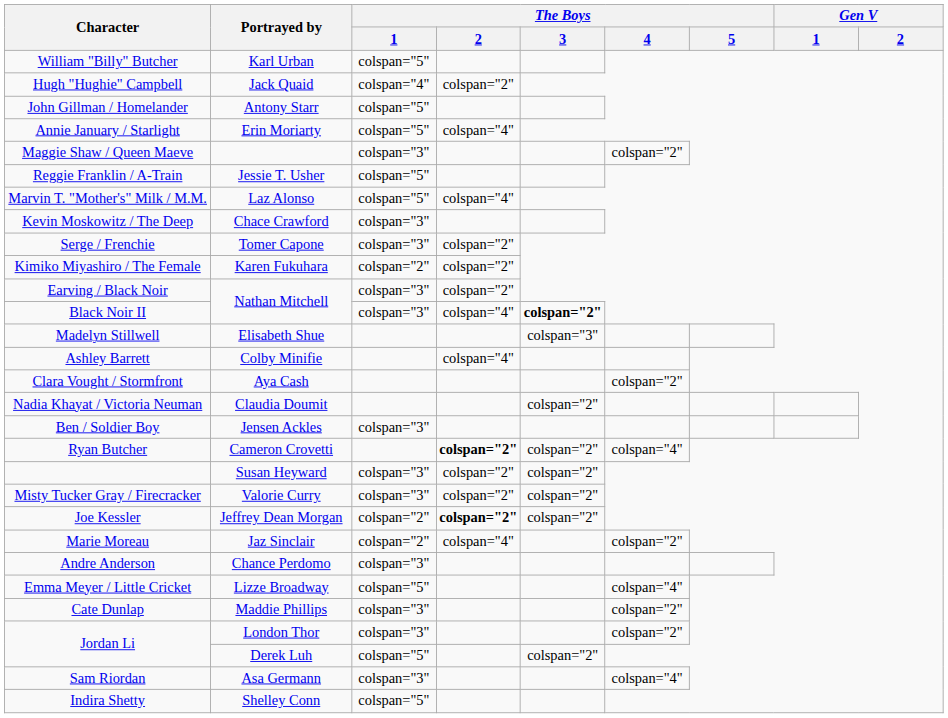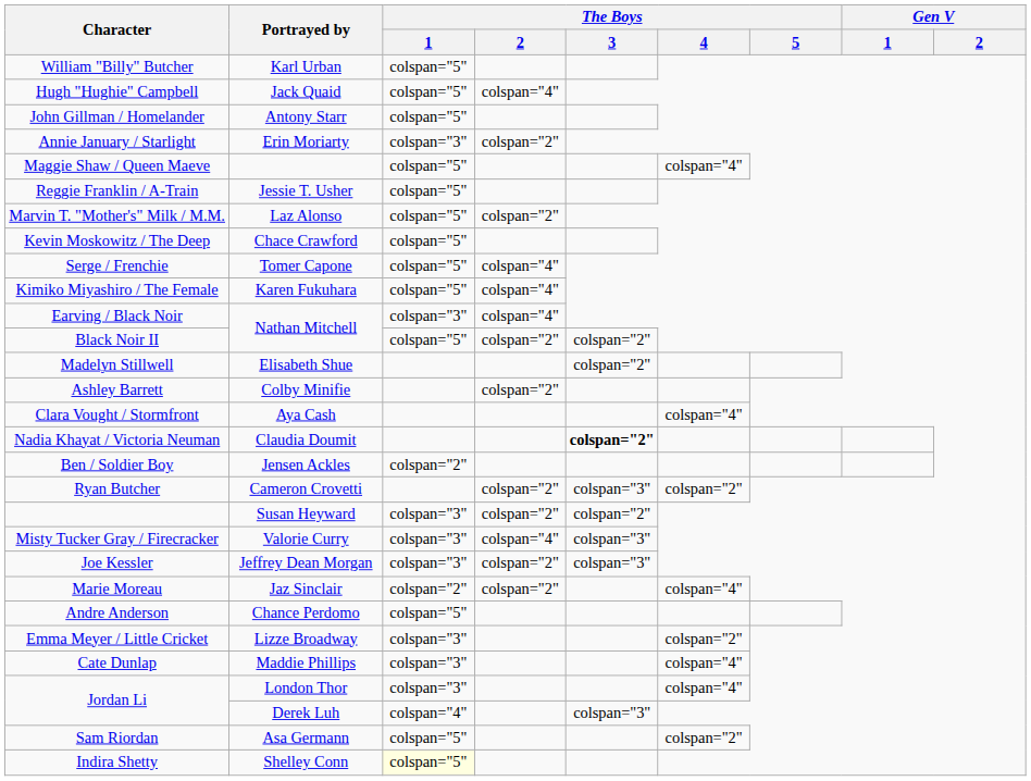 <table class="wikitable plainrowheaders" style="text-align:center;">
 <tr>
 <th scope="col" rowspan="2" style="width:22%;">Character</th>
 <th scope="col" rowspan="2" style="width:15%;">Portrayed by</th>
 <th scope="col" colspan="5"><em><a href='#'>The Boys</a></em></th>
 <th scope="col" colspan="2"><em><a href='#'>Gen V</a></em></th>
 </tr>
 <tr>
 <th style="width:9%;"><a href='#'>1</a></th>
 <th style="width:9%;"><a href='#'>2</a></th>
 <th style="width:9%;"><a href='#'>3</a></th>
 <th style="width:9%;"><a href='#'>4</a></th>
 <th style="width:9%;"><a href='#'>5</a></th>
 <th style="width:9%;"><a href='#'>1</a></th>
 <th style="width:9%;"><a href='#'>2</a></th>
 </tr>
 <tr>
 <td scope="row"><a href='#'>William "Billy" Butcher</a></td>
 <td><a href='#'>Karl Urban</a></td>
 <td>colspan="5" </td>
 <td></td>
 <td></td>
 </tr>
 <tr>
 <td scope="row"><a href='#'>Hugh "Hughie" Campbell</a></td>
 <td><a href='#'>Jack Quaid</a></td>
+<td>colspan="5" </td>
 <td>colspan="4" </td>
-<td>colspan="2" </td>
 </tr>
 <tr>
 <td scope="row"><a href='#'>John Gillman / Homelander</a></td>
 <td><a href='#'>Antony Starr</a></td>
 <td>colspan="5" </td>
 <td></td>
 <td></td>
 </tr>
 <tr>
 <td scope="row"><a href='#'>Annie January / Starlight</a></td>
 <td><a href='#'>Erin Moriarty</a></td>
-<td>colspan="5" </td>
-<td>colspan="4" </td>
+<td>colspan="3" </td>
+<td>colspan="2" </td>
 </tr>
 <tr>
 <td scope="row"><a href='#'>Maggie Shaw / Queen Maeve</a></td>
 <td></td>
-<td>colspan="3" </td>
+<td>colspan="5" </td>
 <td></td>
 <td></td>
-<td>colspan="2" </td>
+<td>colspan="4" </td>
 </tr>
 <tr>
 <td scope="row"><a href='#'>Reggie Franklin / A-Train</a></td>
 <td><a href='#'>Jessie T. Usher</a></td>
 <td>colspan="5" </td>
 <td></td>
 <td></td>
 </tr>
 <tr>
 <td scope="row"><a href='#'>Marvin T. "Mother's" Milk / M.M.</a></td>
 <td><a href='#'>Laz Alonso</a></td>
 <td>colspan="5" </td>
-<td>colspan="4" </td>
+<td>colspan="2" </td>
 </tr>
 <tr>
 <td scope="row"><a href='#'>Kevin Moskowitz / The Deep</a></td>
 <td><a href='#'>Chace Crawford</a></td>
-<td>colspan="3" </td>
+<td>colspan="5" </td>
 <td></td>
 <td></td>
 </tr>
 <tr>
 <td scope="row"><a href='#'>Serge / Frenchie</a></td>
 <td><a href='#'>Tomer Capone</a></td>
-<td>colspan="3" </td>
-<td>colspan="2" </td>
+<td>colspan="5" </td>
+<td>colspan="4" </td>
 </tr>
 <tr>
 <td scope="row"><a href='#'>Kimiko Miyashiro / The Female</a></td>
 <td><a href='#'>Karen Fukuhara</a></td>
-<td>colspan="2" </td>
-<td>colspan="2" </td>
+<td>colspan="5" </td>
+<td>colspan="4" </td>
 </tr>
 <tr>
 <td scope="row"><a href='#'>Earving / Black Noir</a></td>
 <td rowspan="2"><a href='#'>Nathan Mitchell</a></td>
 <td>colspan="3" </td>
-<td>colspan="2" </td>
+<td>colspan="4" </td>
 </tr>
 <tr>
 <td scope="row"><a href='#'>Black Noir II</a></td>
-<td>colspan="3" </td>
-<td>colspan="4" </td>
-<td><strong>colspan="2" </strong></td>
+<td>colspan="5" </td>
+<td>colspan="2" </td>
+<td>colspan="2" </td>
 </tr>
 <tr>
 <td scope="row"><a href='#'>Madelyn Stillwell</a></td>
 <td><a href='#'>Elisabeth Shue</a></td>
 <td></td>
 <td></td>
-<td>colspan="3" </td>
+<td>colspan="2" </td>
 <td></td>
 <td></td>
 </tr>
 <tr>
 <td scope="row"><a href='#'>Ashley Barrett</a></td>
 <td><a href='#'>Colby Minifie</a></td>
 <td></td>
-<td>colspan="4" </td>
+<td>colspan="2" </td>
 <td></td>
 <td></td>
 </tr>
 <tr>
 <td scope="row"><a href='#'>Clara Vought / Stormfront</a></td>
 <td><a href='#'>Aya Cash</a></td>
 <td></td>
 <td></td>
 <td></td>
-<td>colspan="2" </td>
+<td>colspan="4" </td>
 </tr>
 <tr>
 <td scope="row"><a href='#'>Nadia Khayat / Victoria Neuman</a></td>
 <td><a href='#'>Claudia Doumit</a></td>
 <td></td>
 <td></td>
-<td>colspan="2" </td>
+<td><strong>colspan="2" </strong></td>
 <td></td>
 <td></td>
 <td></td>
 </tr>
 <tr>
 <td scope="row"><a href='#'>Ben / Soldier Boy</a></td>
 <td><a href='#'>Jensen Ackles</a></td>
-<td>colspan="3" </td>
+<td>colspan="2" </td>
 <td></td>
 <td></td>
 <td></td>
 <td></td>
 <td></td>
 </tr>
 <tr>
 <td scope="row"><a href='#'>Ryan Butcher</a></td>
 <td><a href='#'>Cameron Crovetti</a></td>
 <td></td>
-<td><strong>colspan="2" </strong></td>
 <td>colspan="2" </td>
-<td>colspan="4" </td>
+<td>colspan="3" </td>
+<td>colspan="2" </td>
 </tr>
 <tr>
 <td scope="row"><a href='#'></a></td>
 <td><a href='#'>Susan Heyward</a></td>
 <td>colspan="3" </td>
 <td>colspan="2" </td>
 <td>colspan="2" </td>
 </tr>
 <tr>
 <td scope="row"><a href='#'>Misty Tucker Gray / Firecracker</a></td>
 <td><a href='#'>Valorie Curry</a></td>
 <td>colspan="3" </td>
-<td>colspan="2" </td>
-<td>colspan="2" </td>
+<td>colspan="4" </td>
+<td>colspan="3" </td>
 </tr>
 <tr>
 <td scope="row"><a href='#'>Joe Kessler</a></td>
 <td><a href='#'>Jeffrey Dean Morgan</a></td>
+<td>colspan="3" </td>
 <td>colspan="2" </td>
-<td><strong>colspan="2" </strong></td>
-<td>colspan="2" </td>
+<td>colspan="3" </td>
 </tr>
 <tr>
 <td scope="row"><a href='#'>Marie Moreau</a></td>
 <td><a href='#'>Jaz Sinclair</a></td>
 <td>colspan="2" </td>
+<td>colspan="2" </td>
+<td></td>
 <td>colspan="4" </td>
-<td></td>
-<td>colspan="2" </td>
 </tr>
 <tr>
 <td><a href='#'>Andre Anderson</a></td>
 <td><a href='#'>Chance Perdomo</a></td>
-<td>colspan="3" </td>
+<td>colspan="5" </td>
 <td></td>
 <td></td>
 <td></td>
 <td></td>
 </tr>
 <tr>
 <td scope="row"><a href='#'>Emma Meyer / Little Cricket</a></td>
 <td><a href='#'>Lizze Broadway</a></td>
-<td>colspan="5" </td>
+<td>colspan="3" </td>
 <td></td>
 <td></td>
-<td>colspan="4" </td>
+<td>colspan="2" </td>
 </tr>
 <tr>
 <td scope="row"><a href='#'>Cate Dunlap</a></td>
 <td><a href='#'>Maddie Phillips</a></td>
 <td>colspan="3" </td>
 <td></td>
 <td></td>
-<td>colspan="2" </td>
+<td>colspan="4" </td>
 </tr>
 <tr>
 <td rowspan="2" scope="row"><a href='#'>Jordan Li</a></td>
 <td><a href='#'>London Thor</a></td>
 <td>colspan="3" </td>
 <td></td>
 <td></td>
-<td>colspan="2" </td>
+<td>colspan="4" </td>
 </tr>
 <tr>
 <td><a href='#'>Derek Luh</a></td>
+<td>colspan="4" </td>
+<td></td>
+<td>colspan="3" </td>
+</tr>
+<tr>
+<td scope="row"><a href='#'>Sam Riordan</a></td>
+<td><a href='#'>Asa Germann</a></td>
 <td>colspan="5" </td>
+<td></td>
 <td></td>
 <td>colspan="2" </td>
 </tr>
 <tr>
-<td scope="row"><a href='#'>Sam Riordan</a></td>
-<td><a href='#'>Asa Germann</a></td>
-<td>colspan="3" </td>
-<td></td>
-<td></td>
-<td>colspan="4" </td>
-</tr>
-<tr>
 <td scope="row"><a href='#'>Indira Shetty</a></td>
 <td><a href='#'>Shelley Conn</a></td>
-<td>colspan="5" </td>
+<td style="background: lightyellow;">colspan="5" </td>
 <td></td>
 <td></td>
 </tr>
 </table>
